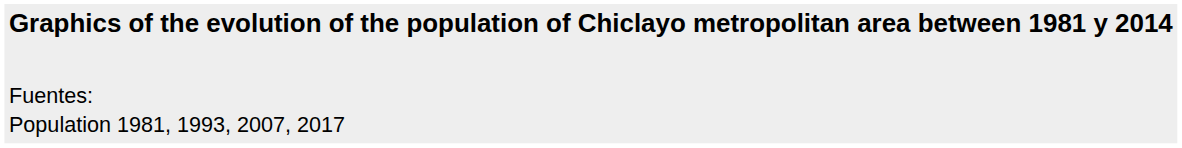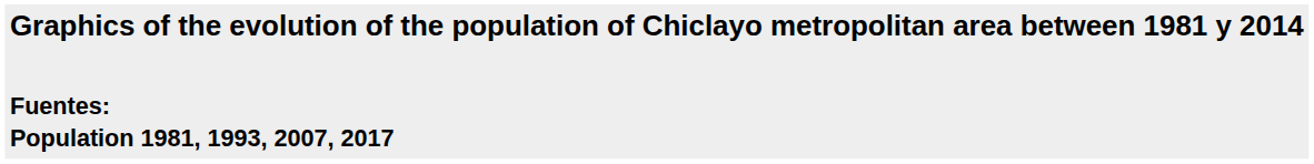 <table style=background:#eeeeee align=center>
 <tr>
 <th>Graphics of the evolution of the population of Chiclayo metropolitan area between 1981 y 2014</th>
 </tr>
 <tr align="center">
 <td><br></td>
 </tr>
 <tr>
-<td><small>Fuentes:<br>Population 1981, 1993, 2007, 2017</small></td>
+<td><strong><small>Fuentes:<br>Population 1981, 1993, 2007, 2017</small></strong></td>
 </tr>
 </table>
